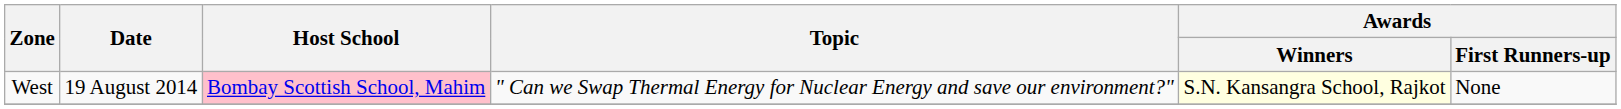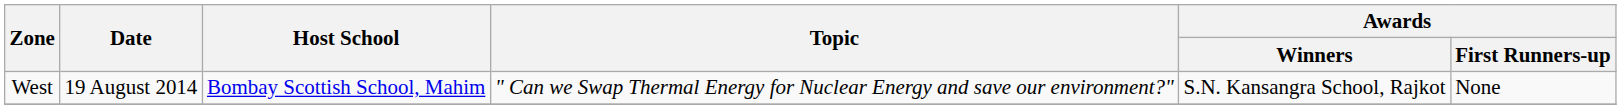 <table class="wikitable">
 <tr>
 <th rowspan="2">Zone</th>
 <th rowspan="2">Date</th>
 <th rowspan="2">Host School</th>
 <th rowspan="2">Topic</th>
 <th colspan="2">Awards</th>
 </tr>
 <tr>
 <th>Winners</th>
 <th>First Runners-up</th>
 </tr>
 <tr>
 <td align="center">West</td>
 <td>19 August 2014</td>
-<td style="background: pink;"><a href='#'>Bombay Scottish School, Mahim</a></td>
+<td><a href='#'>Bombay Scottish School, Mahim</a></td>
 <td><em>   " Can we Swap Thermal Energy for Nuclear Energy and save our environment?"   </em></td>
-<td style="background: lightyellow;">S.N. Kansangra School, Rajkot</td>
+<td>S.N. Kansangra School, Rajkot</td>
 <td lil>None</td>
 </tr>
 <tr>
 </tr>
 </table>
